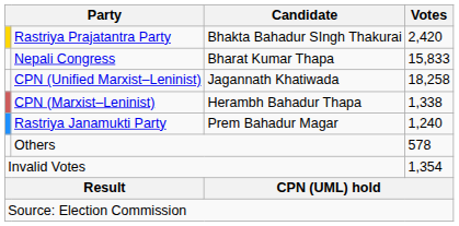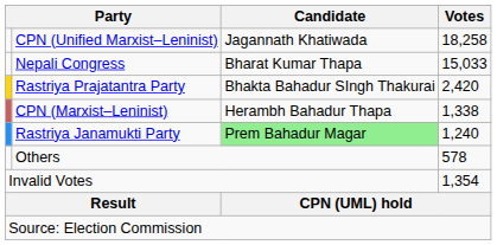 <table class="wikitable">
 <tr>
 <th colspan="2">Party</th>
 <th>Candidate</th>
 <th>Votes</th>
 </tr>
 <tr>
-<td style="background-color:gold"></td>
-<td><a href='#'>Rastriya Prajatantra Party</a></td>
-<td>Bhakta Bahadur SIngh Thakurai</td>
-<td>2,420</td>
+<td style="background-color:"></td>
+<td><a href='#'>CPN (Unified Marxist–Leninist)</a></td>
+<td>Jagannath Khatiwada</td>
+<td>18,258</td>
 </tr>
 <tr>
 <td style="background-color:"></td>
 <td><a href='#'>Nepali Congress</a></td>
 <td>Bharat Kumar Thapa</td>
-<td>15,833</td>
+<td>15,033</td>
 </tr>
 <tr>
-<td style="background-color:"></td>
-<td><a href='#'>CPN (Unified Marxist–Leninist)</a></td>
-<td>Jagannath Khatiwada</td>
-<td>18,258</td>
+<td style="background-color:gold"></td>
+<td><a href='#'>Rastriya Prajatantra Party</a></td>
+<td>Bhakta Bahadur SIngh Thakurai</td>
+<td>2,420</td>
 </tr>
 <tr>
 <td style="background-color:indianred"></td>
 <td><a href='#'>CPN (Marxist–Leninist)</a></td>
 <td>Herambh Bahadur Thapa</td>
 <td>1,338</td>
 </tr>
 <tr>
 <td style="background-color:dodgerblue"></td>
 <td><a href='#'>Rastriya Janamukti Party</a></td>
-<td>Prem Bahadur Magar</td>
+<td style="background: lightgreen;">Prem Bahadur Magar</td>
 <td>1,240</td>
 </tr>
 <tr>
 <td></td>
 <td colspan="2">Others</td>
 <td>578</td>
 </tr>
 <tr>
 <td colspan="3">Invalid Votes</td>
 <td>1,354</td>
 </tr>
 <tr>
 <th colspan="2">Result</th>
 <th colspan="2">CPN (UML) hold</th>
 </tr>
 <tr>
 <td colspan="4">Source: Election Commission</td>
 </tr>
 </table>
